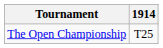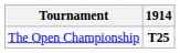 <table class="wikitable" style="font-size:95%;text-align:center;">
 <tr>
 <th>Tournament</th>
 <th>1914</th>
 </tr>
 <tr>
 <td align=left><a href='#'>The Open Championship</a></td>
-<td>T25</td>
+<td><strong>T25</strong></td>
 </tr>
 </table>
